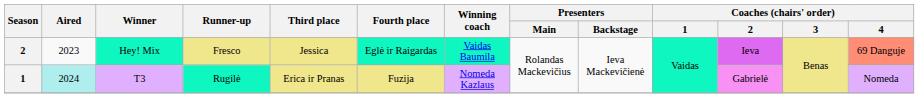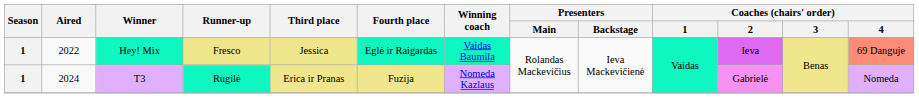 <table class="wikitable" style="text-align:center; font-size:90%; line-height:16px; width:100%">
 <tr>
 <th width="1%" rowspan="2" scope="col">Season</th>
 <th width="5%" rowspan="2" scope="col">Aired</th>
 <th width="8%" rowspan="2" scope="col">Winner</th>
 <th width="8%" rowspan="2" scope="col">Runner-up</th>
 <th width="8%" rowspan="2" scope="col">Third place</th>
 <th width="8%" rowspan="2" scope="col">Fourth place</th>
 <th width="6%" rowspan="2" scope="col">Winning coach</th>
 <th width="12%" scope="row" colspan="2">Presenters</th>
 <th width="20%" scope="row" colspan="4">Coaches (chairs' order)</th>
 </tr>
 <tr>
 <th width="6%">Main</th>
 <th width="6%">Backstage</th>
 <th width="6%">1</th>
 <th width="6%">2</th>
 <th width="6%">3</th>
 <th width="6%">4</th>
 </tr>
 <tr>
-<th>2</th>
-<td>2023</td>
+<th>1</th>
+<td>2022</td>
 <td style="background:#0ff7c0">Hey! Mix</td>
 <td style="background: khaki">Fresco</td>
 <td style="background: khaki"> Jessica</td>
 <td style="background:#0ff7c0">Eglė ir Raigardas</td>
 <td style="background:#0ff7c0"><a href='#'>Vaidas Baumila</a></td>
 <td rowspan="2">Rolandas Mackevičius</td>
 <td rowspan="2">Ieva Mackevičienė</td>
 <td rowspan="2" style="background:#0ff7c0">Vaidas</td>
 <td style="background:#de6af1">Ieva</td>
 <td rowspan="2" style="background: khaki">Benas</td>
 <td style="background:#ff8c75">69 Danguje</td>
 </tr>
 <tr>
 <th>1</th>
-<td style="background: paleturquoise;">2024</td>
+<td>2024</td>
 <td style="background:#e0b0ff">T3</td>
 <td style="background:#0ff7c0"> Rugilė</td>
 <td style="background:khaki">Erica ir Pranas</td>
 <td style="background: khaki">Fuzija</td>
 <td style="background:#e0b0ff"><a href='#'>Nomeda Kazlaus</a></td>
 <td style="background:#f791f3">Gabrielė</td>
 <td style="background:#e0b0ff">Nomeda</td>
 </tr>
 <tr>
 </tr>
 </table>
